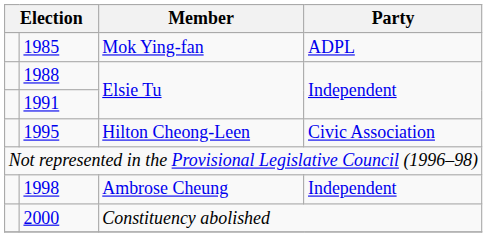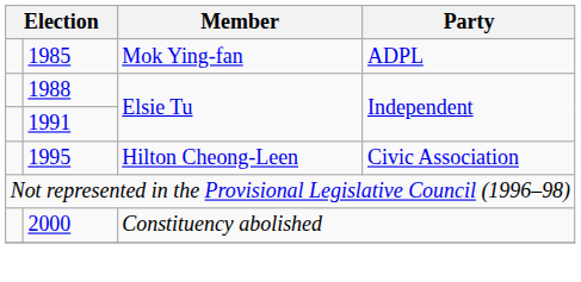 <table class="wikitable">
 <tr>
 <th colspan="2">Election</th>
 <th>Member</th>
 <th>Party</th>
 </tr>
 <tr>
 <td style="background-color: "></td>
 <td><a href='#'>1985</a></td>
 <td><a href='#'>Mok Ying-fan</a></td>
 <td><a href='#'>ADPL</a></td>
 </tr>
 <tr>
 <td style="background-color: "></td>
 <td><a href='#'>1988</a></td>
 <td rowspan="2"><a href='#'>Elsie Tu</a></td>
 <td rowspan="2"><a href='#'>Independent</a></td>
 </tr>
 <tr>
 <td style="background-color: "></td>
 <td><a href='#'>1991</a></td>
 </tr>
 <tr>
 <td style="background-color: "></td>
 <td><a href='#'>1995</a></td>
 <td><a href='#'>Hilton Cheong-Leen</a></td>
 <td><a href='#'>Civic Association</a></td>
 </tr>
 <tr>
 <td colspan=4><em>Not represented in the <a href='#'>Provisional Legislative Council</a> (1996–98)</em></td>
 </tr>
 <tr>
-<td style="background-color: "></td>
-<td><a href='#'>1998</a></td>
-<td><a href='#'>Ambrose Cheung</a></td>
-<td><a href='#'>Independent</a></td>
-</tr>
-<tr>
 <td></td>
 <td><a href='#'>2000</a></td>
 <td colspan=2><em>Constituency abolished</em></td>
 </tr>
 <tr>
 </tr>
 </table>
